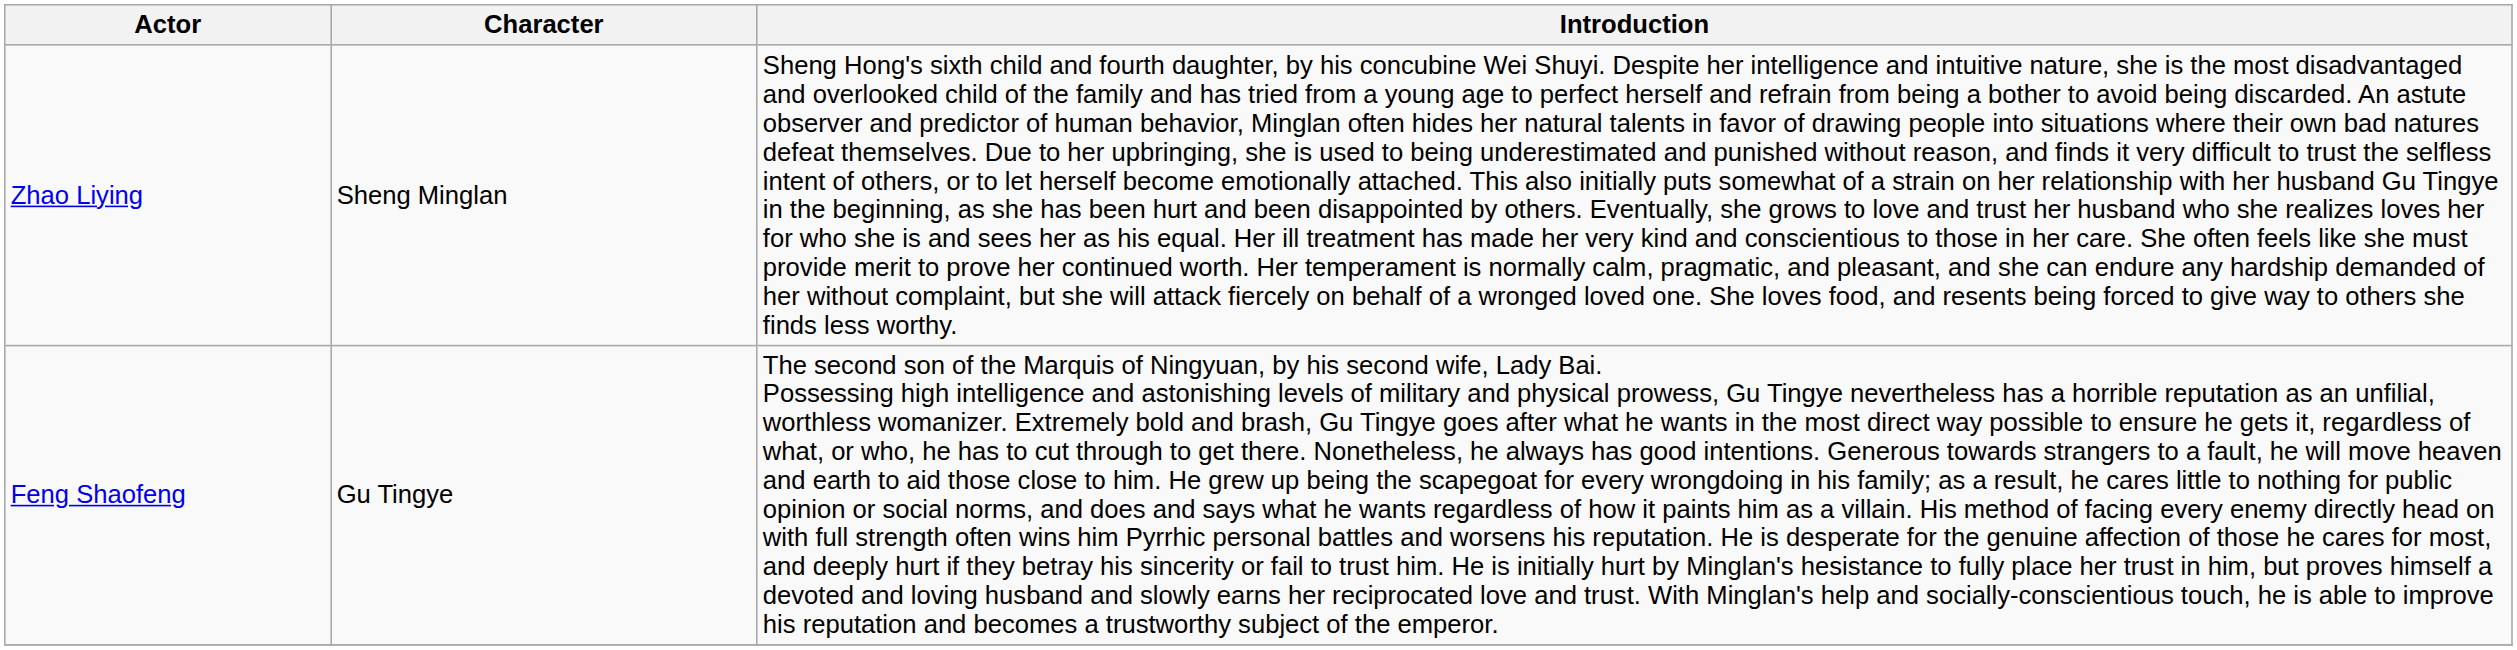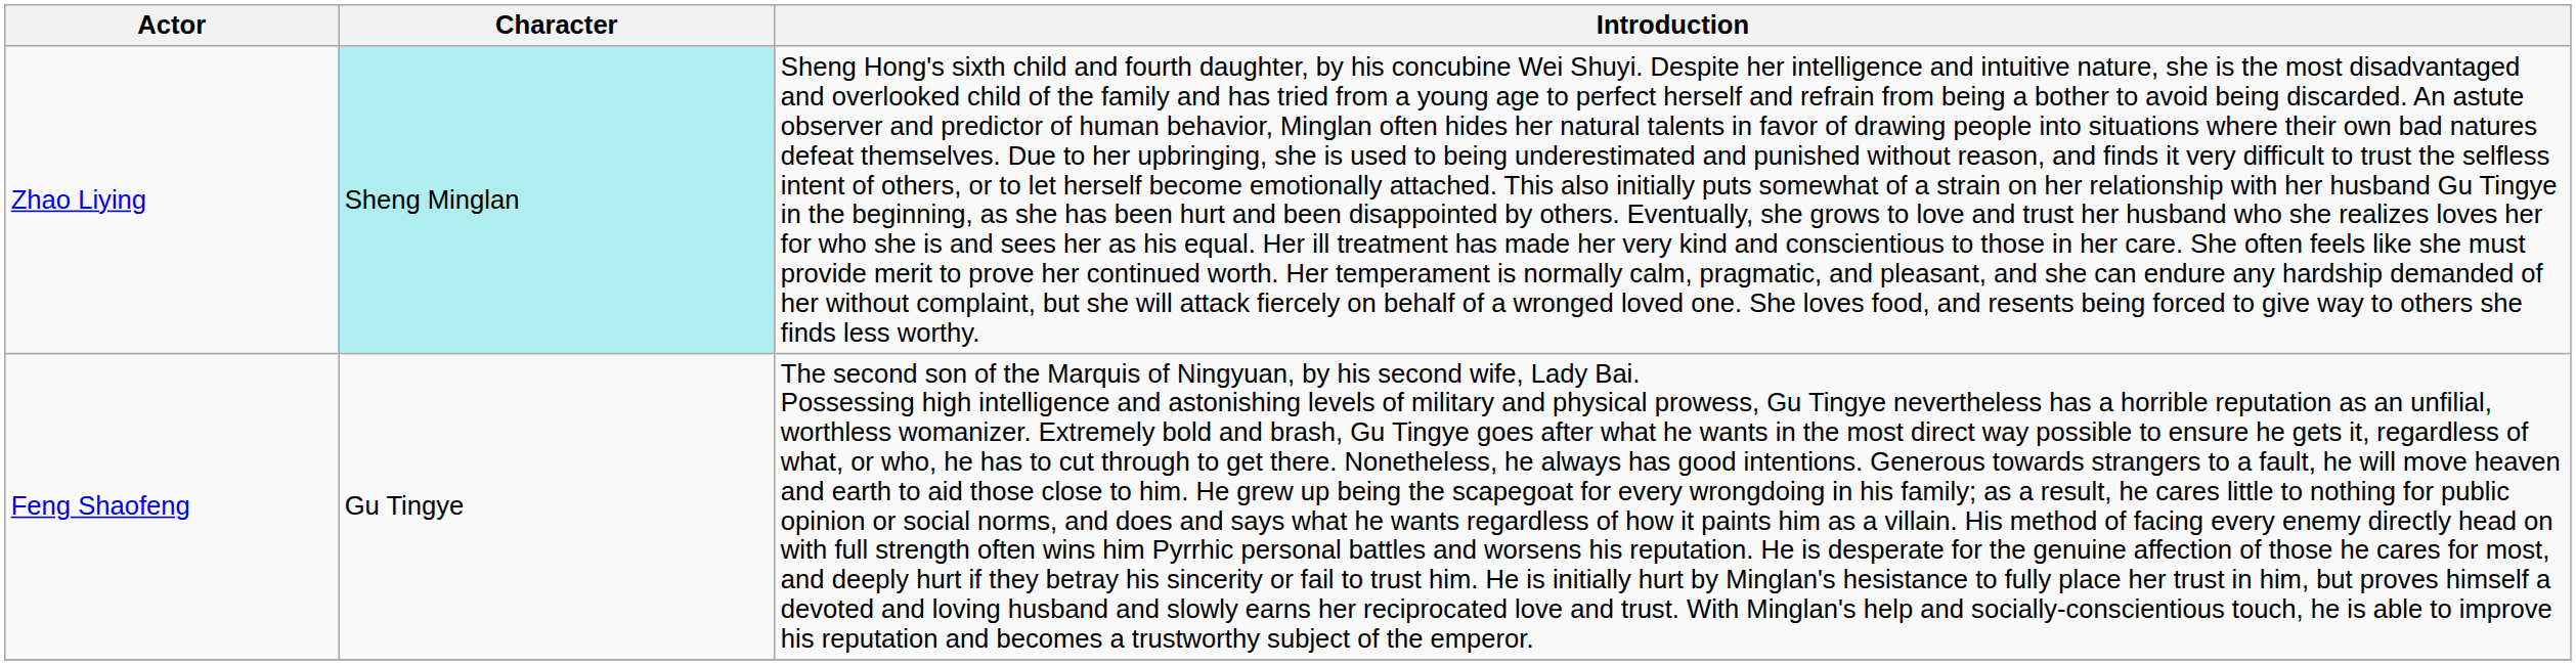 <table class="wikitable">
 <tr>
 <th style="width:13%">Actor</th>
 <th style="width:17%">Character</th>
 <th>Introduction</th>
 </tr>
 <tr>
 <td><a href='#'>Zhao Liying</a></td>
-<td>Sheng Minglan</td>
+<td style="background: paleturquoise;">Sheng Minglan</td>
 <td>Sheng Hong's sixth child and fourth daughter, by his concubine Wei Shuyi. Despite her intelligence and intuitive nature, she is the most disadvantaged and overlooked child of the family and has tried from a young age to perfect herself and refrain from being a bother to avoid being discarded. An astute observer and predictor of human behavior, Minglan often hides her natural talents in favor of drawing people into situations where their own bad natures defeat themselves. Due to her upbringing, she is used to being underestimated and punished without reason, and finds it very difficult to trust the selfless intent of others, or to let herself become emotionally attached. This also initially puts somewhat of a strain on her relationship with her husband Gu Tingye in the beginning, as she has been hurt and been disappointed by others. Eventually, she grows to love and trust her husband who she realizes loves her for who she is and sees her as his equal. Her ill treatment has made her very kind and conscientious to those in her care. She often feels like she must provide merit to prove her continued worth. Her temperament is normally calm, pragmatic, and pleasant, and she can endure any hardship demanded of her without complaint, but she will attack fiercely on behalf of a wronged loved one. She loves food, and resents being forced to give way to others she finds less worthy.</td>
 </tr>
 <tr>
 <td><a href='#'>Feng Shaofeng</a></td>
 <td>Gu Tingye</td>
 <td>The second son of the Marquis of Ningyuan, by his second wife, Lady Bai.<br> Possessing high intelligence and astonishing levels of military and physical prowess, Gu Tingye nevertheless has a horrible reputation as an unfilial, worthless womanizer. Extremely bold and brash, Gu Tingye goes after what he wants in the most direct way possible to ensure he gets it, regardless of what, or who, he has to cut through to get there. Nonetheless, he always has good intentions. Generous towards strangers to a fault, he will move heaven and earth to aid those close to him. He grew up being the scapegoat for every wrongdoing in his family; as a result, he cares little to nothing for public opinion or social norms, and does and says what he wants regardless of how it paints him as a villain. His method of facing every enemy directly head on with full strength often wins him Pyrrhic personal battles and worsens his reputation. He is desperate for the genuine affection of those he cares for most, and deeply hurt if they betray his sincerity or fail to trust him. He is initially hurt by Minglan's hesistance to fully place her trust in him, but proves himself a devoted and loving husband and slowly earns her reciprocated love and trust. With Minglan's help and socially-conscientious touch, he is able to improve his reputation and becomes a trustworthy subject of the emperor.</td>
 </tr>
 <tr>
 </tr>
 </table>
